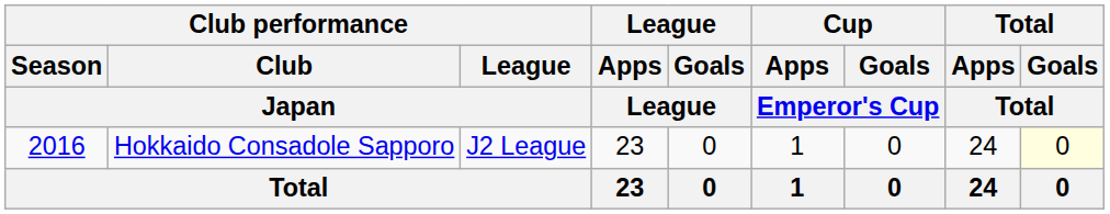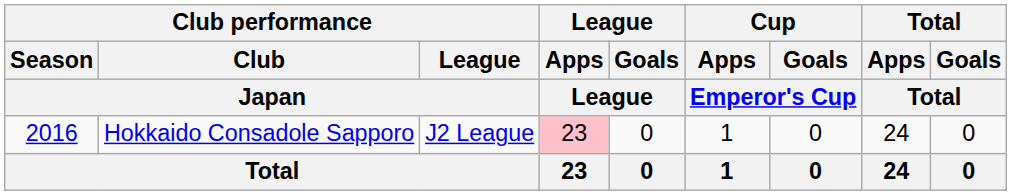 <table class="wikitable" style="text-align:center;">
 <tr>
 <th colspan=3>Club performance</th>
 <th colspan=2>League</th>
 <th colspan=2>Cup</th>
 <th colspan=2>Total</th>
 </tr>
 <tr>
 <th>Season</th>
 <th>Club</th>
 <th>League</th>
 <th>Apps</th>
 <th>Goals</th>
 <th>Apps</th>
 <th>Goals</th>
 <th>Apps</th>
 <th>Goals</th>
 </tr>
 <tr>
 <th colspan=3>Japan</th>
 <th colspan=2>League</th>
 <th colspan=2><a href='#'>Emperor's Cup</a></th>
 <th colspan=2>Total</th>
 </tr>
 <tr>
 <td><a href='#'>2016</a></td>
 <td rowspan="1"><a href='#'>Hokkaido Consadole Sapporo</a></td>
 <td rowspan="1"><a href='#'>J2 League</a></td>
-<td>23</td>
+<td style="background: pink;">23</td>
 <td>0</td>
 <td>1</td>
 <td>0</td>
 <td>24</td>
-<td style="background: lightyellow;">0</td>
+<td>0</td>
 </tr>
 <tr>
 <th colspan=3>Total</th>
 <th>23</th>
 <th>0</th>
 <th>1</th>
 <th>0</th>
 <th>24</th>
 <th>0</th>
 </tr>
 </table>
